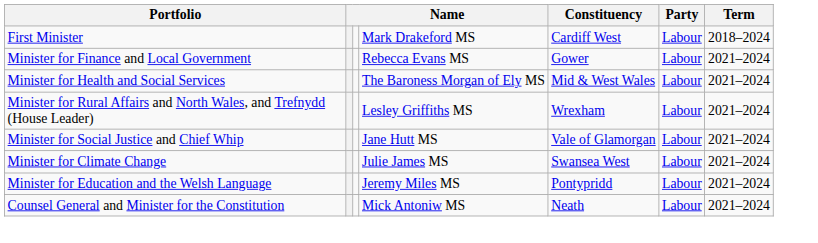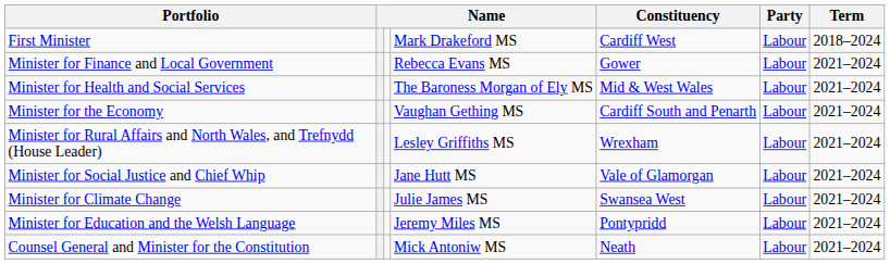 <table class="wikitable">
 <tr>
 <th style="width: 390px">Portfolio</th>
 <th colspan="3">Name</th>
 <th>Constituency</th>
 <th>Party</th>
 <th>Term</th>
 </tr>
 <tr>
 <td><a href='#'>First Minister</a></td>
 <th style="background-color: "></th>
 <td></td>
 <td><a href='#'>Mark Drakeford</a> MS</td>
 <td><a href='#'>Cardiff West</a></td>
 <td><a href='#'>Labour</a></td>
 <td>2018–2024</td>
 </tr>
 <tr>
 <td><a href='#'>Minister for Finance</a> and <a href='#'>Local Government</a></td>
 <th style="background-color: "></th>
 <td></td>
 <td><a href='#'>Rebecca Evans</a> MS</td>
 <td><a href='#'>Gower</a></td>
 <td><a href='#'>Labour</a></td>
 <td>2021–2024</td>
 </tr>
 <tr>
 <td><a href='#'>Minister for Health and Social Services</a></td>
 <th style="background-color: "></th>
 <td></td>
 <td><a href='#'>The Baroness Morgan of Ely</a> MS</td>
 <td><a href='#'>Mid & West Wales</a></td>
+<td><a href='#'>Labour</a></td>
+<td>2021–2024</td>
+</tr>
+<tr>
+<td><a href='#'>Minister for the Economy</a></td>
+<th style="background-color: "></th>
+<td></td>
+<td><a href='#'>Vaughan Gething</a> MS</td>
+<td><a href='#'>Cardiff South and Penarth</a></td>
 <td><a href='#'>Labour</a></td>
 <td>2021–2024</td>
 </tr>
 <tr>
 <td><a href='#'>Minister for Rural Affairs</a> and <a href='#'>North Wales</a>, and <a href='#'>Trefnydd</a> (House Leader)</td>
 <th style="background-color: "></th>
 <td></td>
 <td><a href='#'>Lesley Griffiths</a> MS</td>
 <td><a href='#'>Wrexham</a></td>
 <td><a href='#'>Labour</a></td>
 <td>2021–2024</td>
 </tr>
 <tr>
 <td><a href='#'>Minister for Social Justice</a> and <a href='#'>Chief Whip</a></td>
 <th style="background-color: "></th>
 <td></td>
 <td><a href='#'>Jane Hutt</a> MS</td>
 <td><a href='#'>Vale of Glamorgan</a></td>
 <td><a href='#'>Labour</a></td>
 <td>2021–2024</td>
 </tr>
 <tr>
 <td><a href='#'>Minister for Climate Change</a></td>
 <th style="background-color: "></th>
 <td></td>
 <td><a href='#'>Julie James</a> MS</td>
 <td><a href='#'>Swansea West</a></td>
 <td><a href='#'>Labour</a></td>
 <td>2021–2024</td>
 </tr>
 <tr>
 <td><a href='#'>Minister for Education and the Welsh Language</a></td>
 <th style="background-color: "></th>
 <td></td>
 <td><a href='#'>Jeremy Miles</a> MS</td>
 <td><a href='#'>Pontypridd</a></td>
 <td><a href='#'>Labour</a></td>
 <td>2021–2024</td>
 </tr>
 <tr>
 <td><a href='#'>Counsel General</a> and <a href='#'>Minister for the Constitution</a></td>
 <th style="background-color: "></th>
 <td></td>
 <td><a href='#'>Mick Antoniw</a> MS</td>
 <td><a href='#'>Neath</a></td>
 <td><a href='#'>Labour</a></td>
 <td>2021–2024</td>
 </tr>
 </table>
